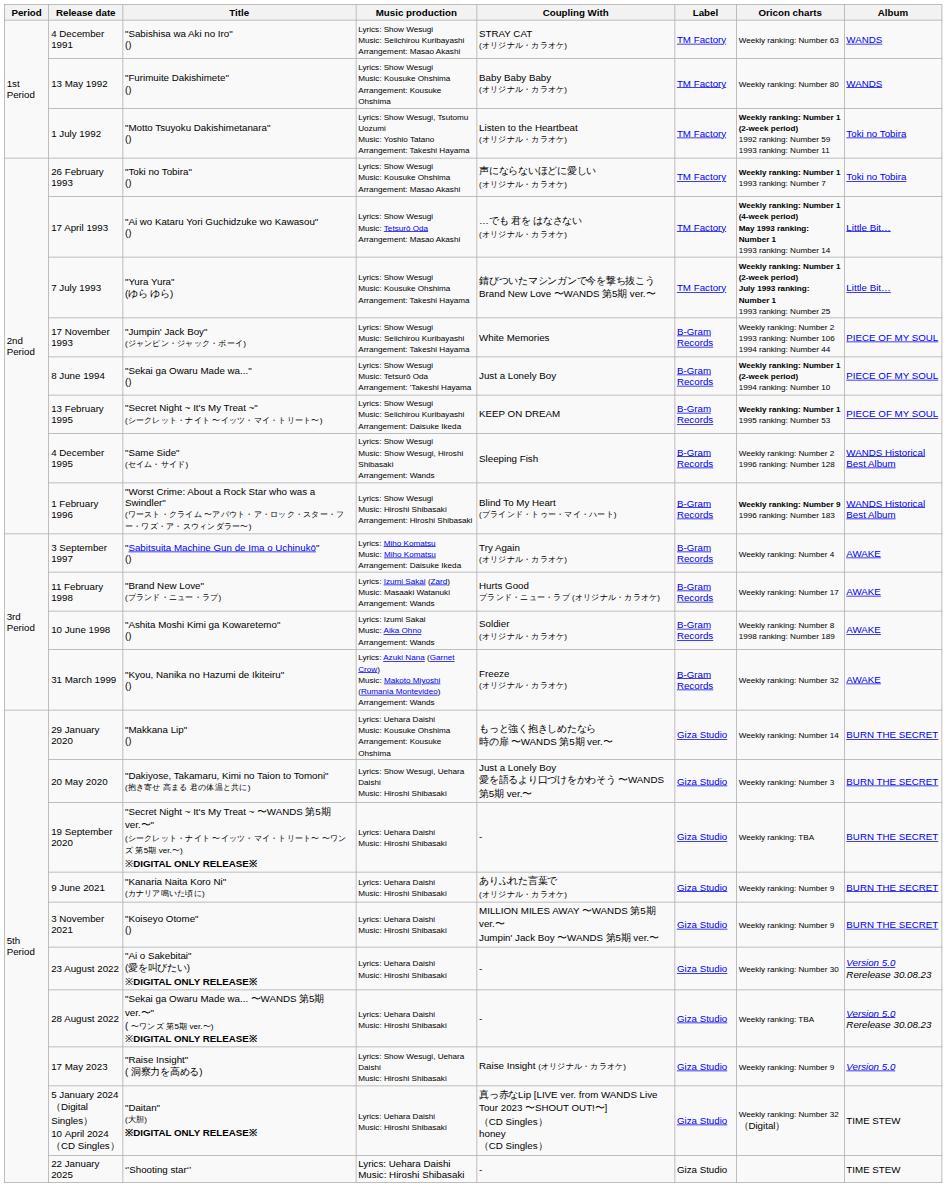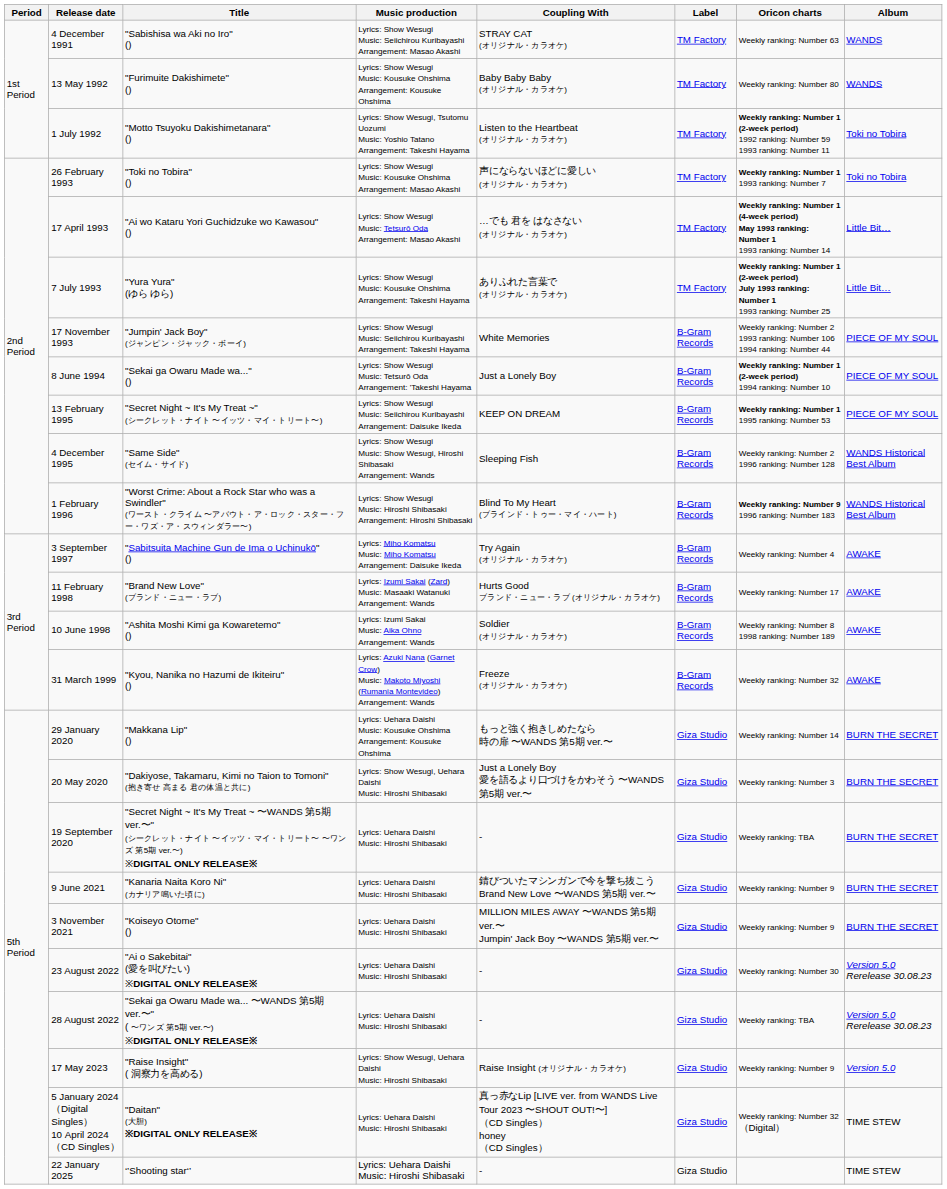 <table class=wikitable style="font-size:small">
 <tr>
 <th>Period</th>
 <th>Release date</th>
 <th>Title</th>
 <th>Music production</th>
 <th>Coupling With</th>
 <th>Label</th>
 <th>Oricon charts </th>
 <th>Album</th>
 </tr>
 <tr>
 <td rowspan="3">1st Period</td>
 <td>4 December 1991</td>
 <td>"Sabishisa wa Aki no Iro"<br>(<small></small>)</td>
 <td><small>Lyrics: Show Wesugi<br>Music: Seiichirou Kuribayashi<br>Arrangement: Masao Akashi</small></td>
 <td>STRAY CAT<br><small> (オリジナル・カラオケ)</small></td>
 <td><a href='#'>TM Factory</a></td>
 <td><small>Weekly ranking: Number 63</small></td>
 <td><a href='#'>WANDS</a></td>
 </tr>
 <tr>
 <td>13 May 1992</td>
 <td>"Furimuite Dakishimete"<br>(<small></small>)</td>
 <td><small>Lyrics: Show Wesugi<br>Music: Kousuke Ohshima<br>Arrangement: Kousuke Ohshima</small></td>
 <td>Baby Baby Baby<br><small></small> <small>(オリジナル・カラオケ)</small></td>
 <td><a href='#'>TM Factory</a></td>
 <td><small>Weekly ranking: Number 80</small></td>
 <td><a href='#'>WANDS</a></td>
 </tr>
 <tr>
 <td>1 July 1992</td>
 <td>"Motto Tsuyoku Dakishimetanara"<br>(<small></small>)</td>
 <td><small>Lyrics: Show Wesugi, Tsutomu Uozumi<br>Music: Yoshio Tatano<br>Arrangement: Takeshi Hayama</small></td>
 <td>Listen to the Heartbeat<br><small></small> <small>(オリジナル・カラオケ)</small></td>
 <td><a href='#'>TM Factory</a></td>
 <td><small><strong>Weekly ranking: Number 1<br>(2-week period)</strong><br>1992 ranking: Number 59<br>1993 ranking: Number 11</small></td>
 <td><a href='#'>Toki no Tobira</a></td>
 </tr>
 <tr>
 <td rowspan="8">2nd Period</td>
 <td>26 February 1993</td>
 <td>"Toki no Tobira"<br>(<small></small>)</td>
 <td><small>Lyrics: Show Wesugi<br>Music: Kousuke Ohshima<br>Arrangement: Masao Akashi</small></td>
 <td>声にならないほどに愛しい<br><small></small> <small>(オリジナル・カラオケ)</small></td>
 <td><a href='#'>TM Factory</a></td>
 <td><small><strong>Weekly ranking: Number 1</strong><br>1993 ranking: Number 7</small></td>
 <td><a href='#'>Toki no Tobira</a></td>
 </tr>
 <tr>
 <td>17 April 1993</td>
 <td>"Ai wo Kataru Yori Guchidzuke wo Kawasou"<br>(<small></small>)</td>
 <td><small>Lyrics: Show Wesugi<br>Music: <a href='#'>Tetsurō Oda</a> <br>Arrangement: Masao Akashi</small></td>
 <td>…でも 君を はなさない<br><small> (オリジナル・カラオケ)</small></td>
 <td><a href='#'>TM Factory</a></td>
 <td><small><strong>Weekly ranking: Number 1<br>(4-week period)</strong><br><strong>May 1993 ranking: Number 1</strong><br>1993 ranking: Number 14</small></td>
 <td><a href='#'>Little Bit…</a></td>
 </tr>
 <tr>
 <td>7 July 1993</td>
 <td>"Yura Yura"<br>(ゆら ゆら)</td>
 <td><small>Lyrics: Show Wesugi<br>Music: Kousuke Ohshima<br>Arrangement: Takeshi Hayama</small></td>
-<td>錆びついたマシンガンで今を撃ち抜こう<br>Brand New Love 〜WANDS 第5期 ver.〜</td>
+<td>ありふれた言葉で<br><small> (オリジナル・カラオケ)</small></td>
 <td><a href='#'>TM Factory</a></td>
 <td><small><strong>Weekly ranking: Number 1<br>(2-week period)</strong><br><strong>July 1993 ranking: Number 1</strong><br>1993 ranking: Number 25</small></td>
 <td><a href='#'>Little Bit…</a></td>
 </tr>
 <tr>
 <td>17 November 1993</td>
 <td>"Jumpin' Jack Boy"<br><small>(ジャンピン・ジャック・ボーイ)</small></td>
 <td><small>Lyrics: Show Wesugi<br>Music: Seiichirou Kuribayashi<br>Arrangement: Takeshi Hayama</small></td>
 <td>White Memories</td>
 <td><a href='#'>B-Gram Records</a></td>
 <td><small>Weekly ranking: Number 2<br>1993 ranking: Number 106<br>1994 ranking: Number 44</small></td>
 <td><a href='#'>PIECE OF MY SOUL</a></td>
 </tr>
 <tr>
 <td>8 June 1994</td>
 <td>"Sekai ga Owaru Made wa..."<br>(<small></small>)</td>
 <td><small>Lyrics: Show Wesugi<br>Music: Tetsurō Oda<br>Arrangement: 'Takeshi Hayama</small></td>
 <td>Just a Lonely Boy</td>
 <td><a href='#'>B-Gram Records</a></td>
 <td><small><strong>Weekly ranking: Number 1<br>(2-week period)</strong><br>1994 ranking: Number 10</small></td>
 <td><a href='#'>PIECE OF MY SOUL</a></td>
 </tr>
 <tr>
 <td>13 February 1995</td>
 <td>"Secret Night ~ It's My Treat ~"<br><small>(シークレット・ナイト 〜イッツ・マイ・トリート〜)</small></td>
 <td><small>Lyrics: Show Wesugi<br>Music: Seiichirou Kuribayashi<br>Arrangement: Daisuke Ikeda</small></td>
 <td>KEEP ON DREAM</td>
 <td><a href='#'>B-Gram Records</a></td>
 <td><small><strong>Weekly ranking: Number 1</strong><br>1995 ranking: Number 53</small></td>
 <td><a href='#'>PIECE OF MY SOUL</a></td>
 </tr>
 <tr>
 <td>4 December 1995</td>
 <td>"Same Side"<br><small>(セイム・サイド)</small></td>
 <td><small>Lyrics: Show Wesugi<br>Music: Show Wesugi, Hiroshi Shibasaki<br>Arrangement: Wands</small></td>
 <td>Sleeping Fish</td>
 <td><a href='#'>B-Gram Records</a></td>
 <td><small>Weekly ranking: Number 2<br>1996 ranking: Number 128</small></td>
 <td><a href='#'>WANDS Historical Best Album</a></td>
 </tr>
 <tr>
 <td>1 February 1996</td>
 <td>"Worst Crime: About a Rock Star who was a Swindler"<br><small>(ワースト・クライム 〜アバウト・ア・ロック・スター・フー・ワズ・ア・スウィンダラー〜)</small></td>
 <td><small>Lyrics: Show Wesugi<br>Music: Hiroshi Shibasaki<br>Arrangement: Hiroshi Shibasaki</small></td>
 <td>Blind To My Heart<br><small>(ブラインド・トゥー・マイ・ハート)</small></td>
 <td><a href='#'>B-Gram Records</a></td>
 <td><small><strong>Weekly ranking: Number 9</strong><br>1996 ranking: Number 183</small></td>
 <td><a href='#'>WANDS Historical Best Album</a></td>
 </tr>
 <tr>
 <td rowspan="4">3rd Period</td>
 <td>3 September 1997</td>
 <td>"<a href='#'>Sabitsuita Machine Gun de Ima o Uchinukō</a>"<br>(<small></small>)</td>
 <td><small>Lyrics: <a href='#'>Miho Komatsu</a><br>Music: <a href='#'>Miho Komatsu</a><br>Arrangement: Daisuke Ikeda</small></td>
 <td>Try Again<br><small> (オリジナル・カラオケ)</small></td>
 <td><a href='#'>B-Gram Records</a></td>
 <td><small>Weekly ranking: Number 4</small></td>
 <td><a href='#'>AWAKE</a></td>
 </tr>
 <tr>
 <td>11 February 1998</td>
 <td>"Brand New Love"<br><small>(ブランド・ニュー・ラブ)</small></td>
 <td><small>Lyrics: <a href='#'>Izumi Sakai</a> (<a href='#'>Zard</a>)<br>Music: Masaaki Watanuki<br>Arrangement: Wands</small></td>
 <td>Hurts Good<br><small>ブランド・ニュー・ラブ (オリジナル・カラオケ)</small></td>
 <td><a href='#'>B-Gram Records</a></td>
 <td><small>Weekly ranking: Number 17</small></td>
 <td><a href='#'>AWAKE</a></td>
 </tr>
 <tr>
 <td>10 June 1998</td>
 <td>"Ashita Moshi Kimi ga Kowaretemo"<br>(<small></small>)</td>
 <td><small>Lyrics: Izumi Sakai<br>Music: <a href='#'>Aika Ohno</a><br>Arrangement: Wands</small></td>
 <td>Soldier<br><small></small> <small>(オリジナル・カラオケ)</small></td>
 <td><a href='#'>B-Gram Records</a></td>
 <td><small>Weekly ranking: Number 8<br>1998 ranking: Number 189</small></td>
 <td><a href='#'>AWAKE</a></td>
 </tr>
 <tr>
 <td>31 March 1999</td>
 <td>"Kyou, Nanika no Hazumi de Ikiteiru"<br>(<small></small>)</td>
 <td><small>Lyrics: <a href='#'>Azuki Nana</a> (<a href='#'>Garnet Crow</a>)<br>Music: <a href='#'>Makoto Miyoshi</a> (<a href='#'>Rumania Montevideo</a>)<br>Arrangement: Wands</small></td>
 <td>Freeze<br><small>(オリジナル・カラオケ)</small></td>
 <td><a href='#'>B-Gram Records</a></td>
 <td><small>Weekly ranking: Number 32</small></td>
 <td><a href='#'>AWAKE</a></td>
 </tr>
 <tr>
 <td rowspan="10">5th Period</td>
 <td>29 January 2020</td>
 <td>"Makkana Lip"<br>(<small></small>)</td>
 <td><small>Lyrics: Uehara Daishi<br>Music: Kousuke Ohshima<br>Arrangement: Kousuke Ohshima</small></td>
 <td>もっと強く抱きしめたなら<br>時の扉 〜WANDS 第5期 ver.〜</td>
 <td><a href='#'>Giza Studio</a></td>
 <td><small>Weekly ranking: Number 14</small></td>
 <td><a href='#'>BURN THE SECRET</a></td>
 </tr>
 <tr>
 <td>20 May 2020</td>
 <td>"Dakiyose, Takamaru, Kimi no Taion to Tomoni"<br><small>(抱き寄せ 高まる 君の体温と共に)</small></td>
 <td><small>Lyrics: Show Wesugi, Uehara Daishi<br>Music: Hiroshi Shibasaki</small></td>
 <td>Just a Lonely Boy<br>愛を語るより口づけをかわそう 〜WANDS 第5期 ver.〜</td>
 <td><a href='#'>Giza Studio</a></td>
 <td><small>Weekly ranking: Number 3</small></td>
 <td><a href='#'>BURN THE SECRET</a></td>
 </tr>
 <tr>
 <td>19 September 2020</td>
 <td>"Secret Night ~ It's My Treat ~ 〜WANDS 第5期 ver.〜"<br><small>(シークレット・ナイト 〜イッツ・マイ・トリート〜 〜ワンズ 第5期 ver.〜)</small><br>※<strong>DIGITAL ONLY RELEASE※</strong></td>
 <td><small>Lyrics: Uehara Daishi<br>Music: Hiroshi Shibasaki</small></td>
 <td>-</td>
 <td><a href='#'>Giza Studio</a></td>
 <td><small>Weekly ranking: TBA</small></td>
 <td><a href='#'>BURN THE SECRET</a></td>
 </tr>
 <tr>
 <td>9 June 2021</td>
 <td>"Kanaria Naita Koro Ni"<br><small>(カナリア鳴いた頃に)</small></td>
 <td><small>Lyrics: Uehara Daishi<br>Music: Hiroshi Shibasaki</small></td>
-<td>ありふれた言葉で<br><small> (オリジナル・カラオケ)</small></td>
+<td>錆びついたマシンガンで今を撃ち抜こう<br>Brand New Love 〜WANDS 第5期 ver.〜</td>
 <td><a href='#'>Giza Studio</a></td>
 <td><small>Weekly ranking: Number 9</small></td>
 <td><a href='#'>BURN THE SECRET</a></td>
 </tr>
 <tr>
 <td>3 November 2021</td>
 <td>"Koiseyo Otome"<br>(<small></small>)</td>
 <td><small>Lyrics: Uehara Daishi<br>Music: Hiroshi Shibasaki</small></td>
 <td>MILLION MILES AWAY 〜WANDS 第5期 ver.〜<br>Jumpin' Jack Boy 〜WANDS 第5期 ver.〜</td>
 <td><a href='#'>Giza Studio</a></td>
 <td><small>Weekly ranking: Number 9</small></td>
 <td><a href='#'>BURN THE SECRET</a></td>
 </tr>
 <tr>
 <td>23 August 2022</td>
 <td>"Ai o Sakebitai"<br>(愛を叫びたい)<br>※<strong>DIGITAL ONLY RELEASE※</strong></td>
 <td><small>Lyrics: Uehara Daishi<br>Music: Hiroshi Shibasaki</small></td>
 <td>-</td>
 <td><a href='#'>Giza Studio</a></td>
 <td><small>Weekly ranking: Number 30</small></td>
 <td><em><a href='#'>Version 5.0</a></em><br><em>Rerelease</em> <em>30.08.23</em></td>
 </tr>
 <tr>
 <td>28 August 2022</td>
 <td>"Sekai ga Owaru Made wa... 〜WANDS 第5期 ver.〜"<br>(<small></small> <small>〜ワンズ 第5期 ver.〜)</small><br>※<strong>DIGITAL ONLY RELEASE※</strong></td>
 <td><small>Lyrics: Uehara Daishi<br>Music: Hiroshi Shibasaki</small></td>
 <td>-</td>
 <td><a href='#'>Giza Studio</a></td>
 <td><small>Weekly ranking: TBA</small></td>
 <td><em><a href='#'>Version 5.0</a></em><br><em>Rerelease</em> <em>30.08.23</em></td>
 </tr>
 <tr>
 <td>17 May 2023</td>
 <td>"Raise Insight"<br>( 洞察力を高める)</td>
 <td><small>Lyrics: Show Wesugi, Uehara Daishi<br>Music: Hiroshi Shibasaki</small></td>
 <td>Raise Insight <small>(オリジナル・カラオケ)</small></td>
 <td><a href='#'>Giza Studio</a></td>
 <td><small>Weekly ranking: Number 9</small></td>
 <td><em><a href='#'>Version 5.0</a></em></td>
 </tr>
 <tr>
 <td>5 January 2024<br>（Digital Singles）<br>10 April 2024<br>（CD Singles）</td>
 <td>"Daitan"<br><small>(大胆)</small><br><strong>※DIGITAL ONLY RELEASE※</strong></td>
 <td><small>Lyrics: Uehara Daishi<br>Music: Hiroshi Shibasaki</small></td>
 <td>真っ赤なLip [LIVE ver. from WANDS Live Tour 2023 〜SHOUT OUT!〜]<br>（CD Singles）<br>honey<br>（CD Singles）</td>
 <td><a href='#'>Giza Studio</a></td>
 <td><small>Weekly ranking: Number 32</small>（Digital）</td>
 <td>TIME STEW</td>
 </tr>
 <tr>
 <td>22 January 2025</td>
 <td>‘’Shooting star‘’</td>
 <td>Lyrics: Uehara Daishi<br>Music: Hiroshi Shibasaki</td>
 <td>-</td>
 <td>Giza Studio</td>
 <td></td>
 <td>TIME STEW</td>
 </tr>
 </table>
